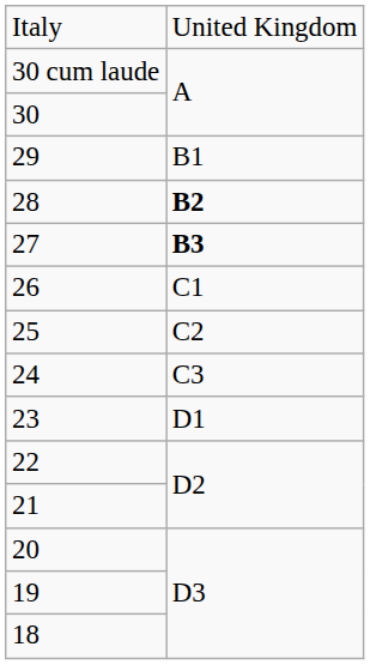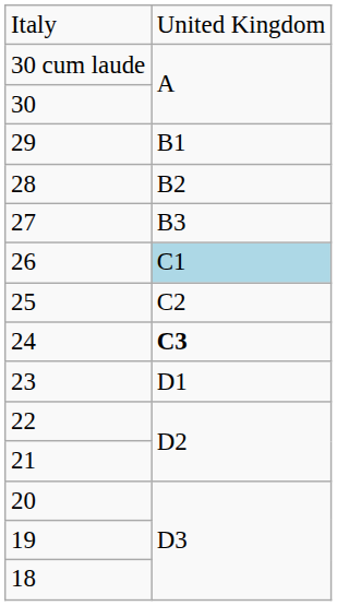 <table class="wikitable">
 <tr>
 <td>Italy</td>
 <td>United Kingdom</td>
 </tr>
 <tr>
 <td>30 cum laude</td>
 <td rowspan="2">A</td>
 </tr>
 <tr>
 <td>30</td>
 </tr>
 <tr>
 <td>29</td>
 <td>B1</td>
 </tr>
 <tr>
 <td>28</td>
-<td><strong>B2</strong></td>
+<td>B2</td>
 </tr>
 <tr>
 <td>27</td>
-<td><strong>B3</strong></td>
+<td>B3</td>
 </tr>
 <tr>
 <td>26</td>
-<td>C1</td>
+<td style="background: lightblue;">C1</td>
 </tr>
 <tr>
 <td>25</td>
 <td>C2</td>
 </tr>
 <tr>
 <td>24</td>
-<td>C3</td>
+<td><strong>C3</strong></td>
 </tr>
 <tr>
 <td>23</td>
 <td>D1</td>
 </tr>
 <tr>
 <td>22</td>
 <td rowspan="2">D2</td>
 </tr>
 <tr>
 <td>21</td>
 </tr>
 <tr>
 <td>20</td>
 <td rowspan="3">D3</td>
 </tr>
 <tr>
 <td>19</td>
 </tr>
 <tr>
 <td>18</td>
 </tr>
 </table>
